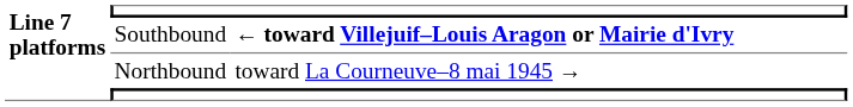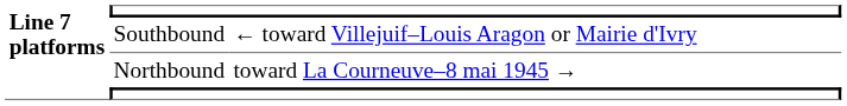 <table border=0 cellspacing=0 cellpadding=3>
 <tr>
 <td style="border-bottom:solid 1px gray;" width=50 rowspan=10 valign=top><strong>Line 7 platforms</strong></td>
 <td style="border-top:solid 1px gray;border-right:solid 2px black;border-left:solid 2px black;border-bottom:solid 2px black;text-align:center;" colspan=2></td>
 </tr>
 <tr>
 <td style="border-bottom:solid 1px gray;" width=70>Southbound</td>
-<td style="border-bottom:solid 1px gray;" width=420><strong>←   toward <a href='#'>Villejuif–Louis Aragon</a> or <a href='#'>Mairie d'Ivry</a> </strong></td>
+<td style="border-bottom:solid 1px gray;" width=420>←   toward <a href='#'>Villejuif–Louis Aragon</a> or <a href='#'>Mairie d'Ivry</a> </td>
 </tr>
 <tr>
 <td>Northbound</td>
 <td>   toward <a href='#'>La Courneuve–8 mai 1945</a>  →</td>
 </tr>
 <tr>
 <td style="border-top:solid 2px black;border-right:solid 2px black;border-left:solid 2px black;border-bottom:solid 1px gray;text-align:center;" colspan=2></td>
 </tr>
 </table>
